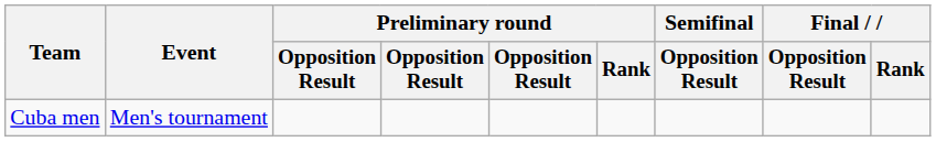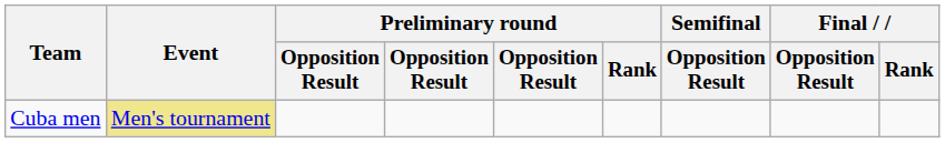 <table class="wikitable" style="font-size:90%;text-align:center">
 <tr>
 <th rowspan=2>Team</th>
 <th rowspan=2>Event</th>
 <th colspan=4>Preliminary round</th>
 <th>Semifinal</th>
 <th colspan=2>Final /  / </th>
 </tr>
 <tr style=font-size:95%>
 <th>Opposition<br>Result</th>
 <th>Opposition<br>Result</th>
 <th>Opposition<br>Result</th>
 <th>Rank</th>
 <th>Opposition<br>Result</th>
 <th>Opposition<br>Result</th>
 <th>Rank</th>
 </tr>
 <tr>
 <td style="text-align:left"><a href='#'>Cuba men</a></td>
-<td style="text-align:left"><a href='#'>Men's tournament</a></td>
+<td style="background: khaki; text-align:left"><a href='#'>Men's tournament</a></td>
 <td></td>
 <td></td>
 <td></td>
 <td></td>
 <td></td>
 <td></td>
 <td></td>
 </tr>
 </table>
